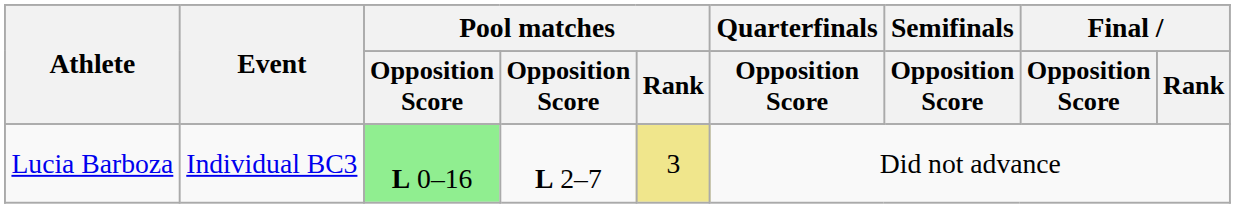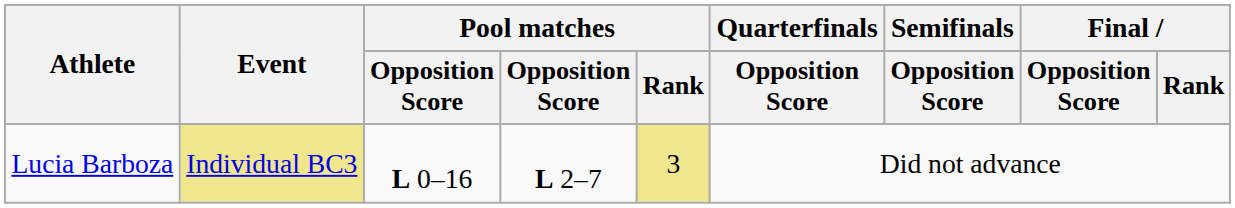 <table class=wikitable style="font-size:90%">
 <tr>
 <th rowspan="2">Athlete</th>
 <th rowspan="2">Event</th>
 <th colspan="3">Pool matches</th>
 <th>Quarterfinals</th>
 <th>Semifinals</th>
 <th colspan=2>Final / </th>
 </tr>
 <tr style="font-size:95%">
 <th>Opposition<br>Score</th>
 <th>Opposition<br>Score</th>
 <th>Rank</th>
 <th>Opposition<br>Score</th>
 <th>Opposition<br>Score</th>
 <th>Opposition<br>Score</th>
 <th>Rank</th>
 </tr>
 <tr align=center>
 <td align=left><a href='#'>Lucia Barboza</a></td>
-<td align=left><a href='#'>Individual BC3</a></td>
-<td style="background: lightgreen;"><br><strong>L</strong> 0–16</td>
+<td align=left style="background: khaki;"><a href='#'>Individual BC3</a></td>
+<td><br><strong>L</strong> 0–16</td>
 <td><br><strong>L</strong> 2–7</td>
 <td style="background: khaki;">3</td>
 <td colspan=4>Did not advance</td>
 </tr>
 </table>
